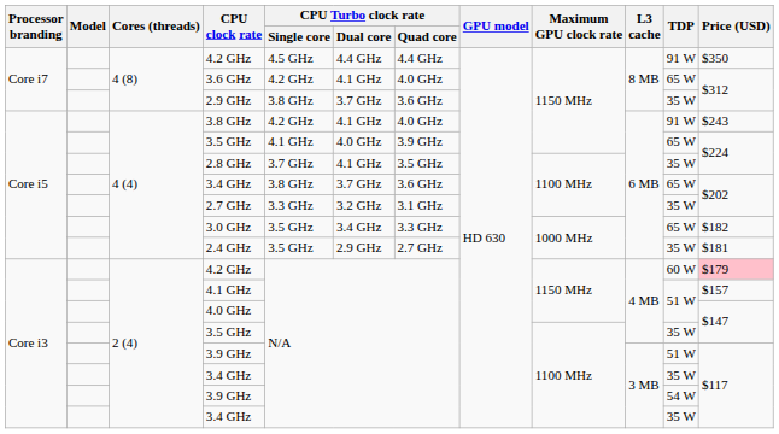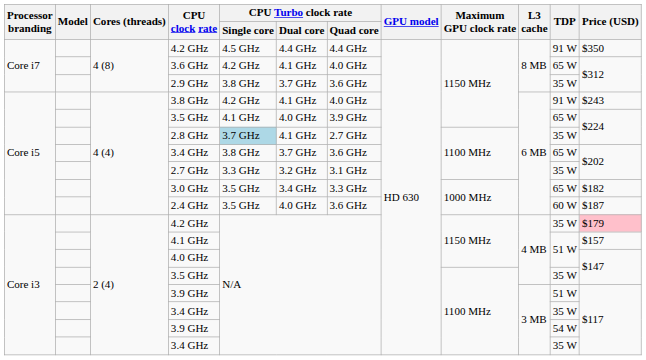 <table class="wikitable sortable">
 <tr>
 <th rowspan="2">Processor<br>branding</th>
 <th rowspan="2">Model</th>
 <th rowspan="2">Cores (threads)</th>
 <th rowspan="2">CPU<br><a href='#'>clock</a> <a href='#'>rate</a></th>
 <th colspan="3">CPU <a href='#'>Turbo</a> clock rate</th>
 <th rowspan="2"><a href='#'>GPU model</a></th>
 <th rowspan="2">Maximum<br>GPU clock rate</th>
 <th rowspan="2">L3<br>cache</th>
 <th rowspan="2">TDP</th>
 <th rowspan="2">Price (USD)</th>
 </tr>
 <tr>
 <th>Single core</th>
 <th>Dual core</th>
 <th>Quad core</th>
 </tr>
 <tr>
 <td rowspan="3">Core i7</td>
 <td><strong></strong></td>
 <td rowspan="3">4 (8)</td>
 <td>4.2 GHz</td>
 <td>4.5 GHz</td>
 <td>4.4 GHz</td>
 <td>4.4 GHz</td>
 <td rowspan="18">HD 630</td>
 <td rowspan="5">1150 MHz</td>
 <td rowspan="3">8 MB</td>
 <td>91 W</td>
 <td>$350</td>
 </tr>
 <tr>
 <td></td>
 <td>3.6 GHz</td>
 <td>4.2 GHz</td>
 <td>4.1 GHz</td>
 <td>4.0 GHz</td>
 <td>65 W</td>
 <td rowspan="2">$312</td>
 </tr>
 <tr>
 <td></td>
 <td>2.9 GHz</td>
 <td>3.8 GHz</td>
 <td>3.7 GHz</td>
 <td>3.6 GHz</td>
 <td>35 W</td>
 </tr>
 <tr>
 <td rowspan="7">Core i5</td>
 <td><strong></strong></td>
 <td rowspan="7">4 (4)</td>
 <td>3.8 GHz</td>
 <td>4.2 GHz</td>
 <td>4.1 GHz</td>
 <td>4.0 GHz</td>
 <td rowspan="7">6 MB</td>
 <td>91 W</td>
 <td>$243</td>
 </tr>
 <tr>
 <td></td>
 <td>3.5 GHz</td>
 <td>4.1 GHz</td>
 <td>4.0 GHz</td>
 <td>3.9 GHz</td>
 <td>65 W</td>
 <td rowspan="2">$224</td>
 </tr>
 <tr>
 <td></td>
 <td>2.8 GHz</td>
-<td>3.7 GHz</td>
+<td style="background: lightblue;">3.7 GHz</td>
 <td>4.1 GHz</td>
-<td>3.5 GHz</td>
+<td>2.7 GHz</td>
 <td rowspan="3">1100 MHz</td>
 <td>35 W</td>
 </tr>
 <tr>
 <td><strong></strong></td>
 <td>3.4 GHz</td>
 <td>3.8 GHz</td>
 <td>3.7 GHz</td>
 <td>3.6 GHz</td>
 <td>65 W</td>
 <td rowspan="2">$202</td>
 </tr>
 <tr>
 <td></td>
 <td>2.7 GHz</td>
 <td>3.3 GHz</td>
 <td>3.2 GHz</td>
 <td>3.1 GHz</td>
 <td>35 W</td>
 </tr>
 <tr>
 <td><strong></strong></td>
 <td>3.0 GHz</td>
 <td>3.5 GHz</td>
 <td>3.4 GHz</td>
 <td>3.3 GHz</td>
 <td rowspan="2">1000 MHz</td>
 <td>65 W</td>
 <td>$182</td>
 </tr>
 <tr>
 <td></td>
 <td>2.4 GHz</td>
 <td>3.5 GHz</td>
-<td>2.9 GHz</td>
-<td>2.7 GHz</td>
-<td>35 W</td>
-<td>$181</td>
+<td>4.0 GHz</td>
+<td>3.6 GHz</td>
+<td>60 W</td>
+<td>$187</td>
 </tr>
 <tr>
 <td rowspan="8">Core i3</td>
 <td><strong></strong></td>
 <td rowspan="8">2 (4)</td>
 <td>4.2 GHz</td>
 <td colspan="3" rowspan="8">N/A</td>
 <td rowspan="3">1150 MHz</td>
 <td rowspan="4">4 MB</td>
-<td>60 W</td>
+<td>35 W</td>
 <td style="background: pink;">$179</td>
 </tr>
 <tr>
 <td></td>
 <td>4.1 GHz</td>
 <td rowspan="2">51 W</td>
 <td>$157</td>
 </tr>
 <tr>
 <td><strong></strong></td>
 <td>4.0 GHz</td>
 <td rowspan="2">$147</td>
 </tr>
 <tr>
 <td></td>
 <td>3.5 GHz</td>
 <td rowspan="5">1100 MHz</td>
 <td>35 W</td>
 </tr>
 <tr>
 <td><strong></strong></td>
 <td>3.9 GHz</td>
 <td rowspan="4">3 MB</td>
 <td>51 W</td>
 <td rowspan="4">$117</td>
 </tr>
 <tr>
 <td></td>
 <td>3.4 GHz</td>
 <td>35 W</td>
 </tr>
 <tr>
 <td></td>
 <td>3.9 GHz</td>
 <td>54 W</td>
 </tr>
 <tr>
 <td></td>
 <td>3.4 GHz</td>
 <td>35 W</td>
 </tr>
 </table>
